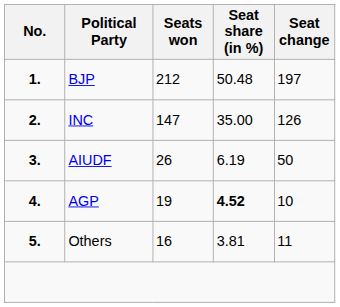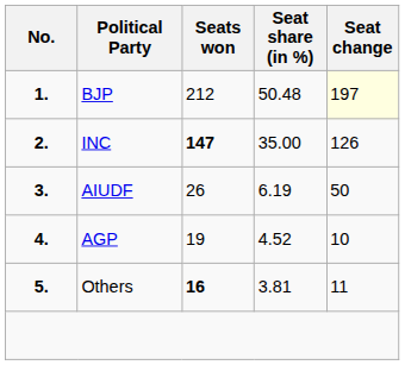 <table class="wikitable">
 <tr style="height: 50px;">
 <th scope="col" style="width:60px;">No.<br></th>
 <th scope="col" style="width:90px;">Political Party</th>
 <th scope="col" style="width:60px;">Seats won</th>
 <th scope="col" style="width:60px;">Seat share (in %)</th>
 <th scope="col" style="width:60px;">Seat change</th>
 </tr>
 <tr style="height: 45px;">
 <td ! style="text-align:center; background:"><strong>1.</strong></td>
 <td><a href='#'>BJP</a></td>
 <td>212</td>
 <td>50.48</td>
-<td>197</td>
+<td style="background: lightyellow;">197</td>
 </tr>
 <tr style="height: 45px;">
 <td ! style="text-align:center; background:"><strong>2.</strong></td>
 <td><a href='#'>INC</a></td>
-<td>147</td>
+<td><strong>147</strong></td>
 <td>35.00</td>
 <td>126</td>
 </tr>
 <tr style="height: 45px;">
 <td ! style="text-align:center; background:"><strong>3.</strong></td>
 <td><a href='#'>AIUDF</a></td>
 <td>26</td>
 <td>6.19</td>
 <td>50</td>
 </tr>
 <tr style="height: 45px;">
 <td ! style="text-align:center; background:"><strong>4.</strong></td>
 <td><a href='#'>AGP</a></td>
 <td>19</td>
-<td><strong>4.52</strong></td>
+<td>4.52</td>
 <td>10</td>
 </tr>
 <tr style="height: 45px;">
 <td ! style="text-align:center; background:"><strong>5.</strong></td>
 <td>Others</td>
-<td>16</td>
+<td><strong>16</strong></td>
 <td>3.81</td>
 <td>11</td>
 </tr>
 <tr style="height: 45px;">
 </tr>
 </table>
